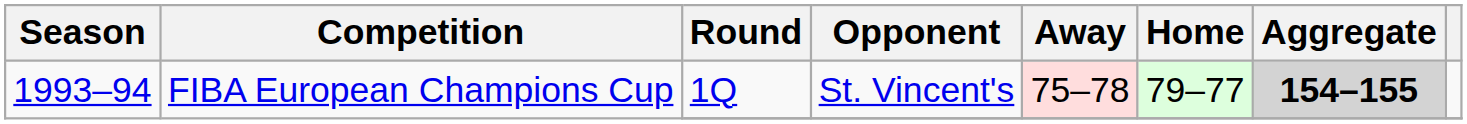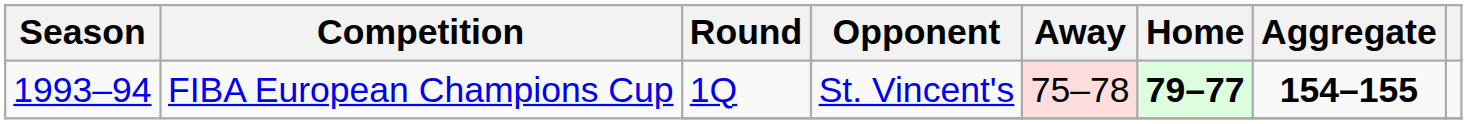 <table class="wikitable" style="text-align:left">
 <tr>
 <th>Season</th>
 <th>Competition</th>
 <th>Round</th>
 <th>Opponent</th>
 <th>Away</th>
 <th>Home</th>
 <th>Aggregate</th>
 <th></th>
 </tr>
 <tr>
 <td rowspan="2"><a href='#'>1993–94</a></td>
 <td rowspan="2"><a href='#'>FIBA European Champions Cup</a></td>
 <td><a href='#'>1Q</a></td>
 <td> <a href='#'>St. Vincent's</a></td>
 <td bgcolor="#ffdddd" style="text-align:center;">75–78</td>
-<td bgcolor="#ddffdd" style="text-align:center;">79–77</td>
-<td style="background: lightgrey; text-align:center;"><strong>154–155</strong></td>
+<td bgcolor="#ddffdd" style="text-align:center;"><strong>79–77</strong></td>
+<td style="text-align:center;"><strong>154–155</strong></td>
 <td></td>
 </tr>
 <tr>
 </tr>
 </table>
